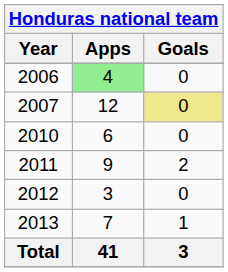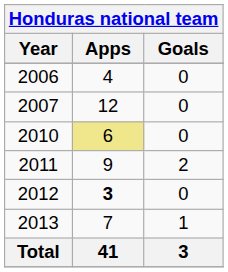 <table class="wikitable" style="text-align:center">
 <tr>
 <th colspan=3><a href='#'>Honduras national team</a></th>
 </tr>
 <tr>
 <th>Year</th>
 <th>Apps</th>
 <th>Goals</th>
 </tr>
 <tr>
 </tr>
 <tr>
 <td>2006</td>
-<td style="background: lightgreen;">4</td>
+<td>4</td>
 <td>0</td>
 </tr>
 <tr>
 <td>2007</td>
 <td>12</td>
-<td style="background: khaki;">0</td>
+<td>0</td>
 </tr>
 <tr>
 <td>2010</td>
-<td>6</td>
+<td style="background: khaki;">6</td>
 <td>0</td>
 </tr>
 <tr>
 <td>2011</td>
 <td>9</td>
 <td>2</td>
 </tr>
 <tr>
 <td>2012</td>
-<td>3</td>
+<td><strong>3</strong></td>
 <td>0</td>
 </tr>
 <tr>
 <td>2013</td>
 <td>7</td>
 <td>1</td>
 </tr>
 <tr>
 <th>Total</th>
 <th>41</th>
 <th>3</th>
 </tr>
 <tr>
 </tr>
 </table>
